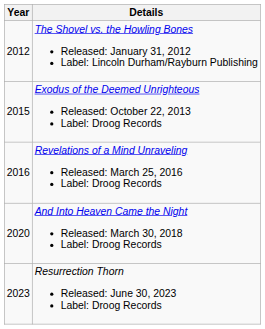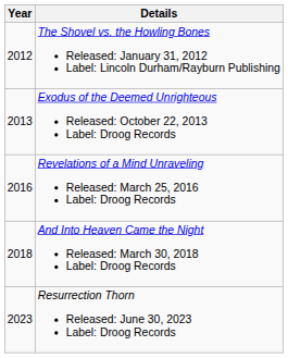 <table class=wikitable style=text-align:center;>
 <tr>
 <th>Year</th>
 <th>Details</th>
 </tr>
 <tr>
 <td>2012</td>
 <td align=left><em><a href='#'>The Shovel vs. the Howling Bones</a></em><br><ul><li>Released: January 31, 2012</li><li>Label: Lincoln Durham/Rayburn Publishing</li></ul></td>
 </tr>
 <tr>
-<td>2015</td>
+<td>2013</td>
 <td align=left><em><a href='#'>Exodus of the Deemed Unrighteous</a></em><br><ul><li>Released: October 22, 2013</li><li>Label: Droog Records</li></ul></td>
 </tr>
 <tr>
 <td>2016</td>
 <td align=left><em><a href='#'>Revelations of a Mind Unraveling</a></em><br><ul><li>Released: March 25, 2016</li><li>Label: Droog Records</li></ul></td>
 </tr>
 <tr>
-<td>2020</td>
+<td>2018</td>
 <td align=left><em><a href='#'>And Into Heaven Came the Night</a></em><br><ul><li>Released: March 30, 2018</li><li>Label: Droog Records</li></ul></td>
 </tr>
 <tr>
 <td>2023</td>
 <td align=left><em>Resurrection Thorn</em><br><ul><li>Released: June 30, 2023</li><li>Label: Droog Records</li></ul></td>
 </tr>
 </table>
